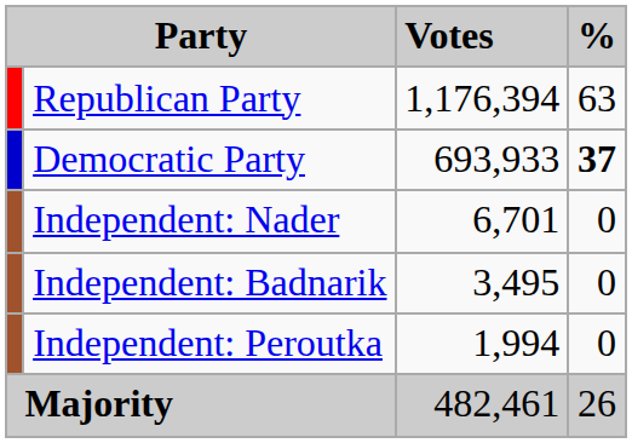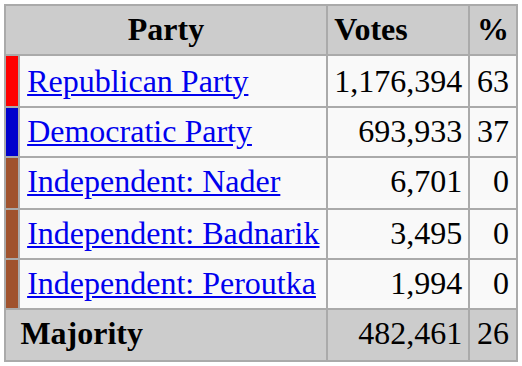 <table class="wikitable">
 <tr bgcolor="CCCCCC">
 <td colspan="2" rowspan="1" align="center" valign="top"><strong>Party</strong></td>
 <td valign="top"><strong>Votes</strong></td>
 <td valign="top"><strong>%</strong></td>
 </tr>
 <tr>
 <td style="color:inherit;background:#ff0000"></td>
 <td><a href='#'>Republican Party</a></td>
 <td align="right">1,176,394</td>
 <td align="right">63</td>
 </tr>
 <tr>
 <td style="color:inherit;background:#0000cd"></td>
 <td><a href='#'>Democratic Party</a></td>
 <td align="right">693,933</td>
-<td align="right"><strong>37</strong></td>
+<td align="right">37</td>
 </tr>
 <tr>
 <td style="color:inherit;background:#a0522d"></td>
 <td><a href='#'>Independent: Nader</a></td>
 <td align="right">6,701</td>
 <td align="right">0</td>
 </tr>
 <tr>
 <td style="color:inherit;background:#a0522d"></td>
 <td><a href='#'>Independent: Badnarik</a></td>
 <td align="right">3,495</td>
 <td align="right">0</td>
 </tr>
 <tr>
 <td style="color:inherit;background:#a0522d"></td>
 <td><a href='#'>Independent: Peroutka</a></td>
 <td align="right">1,994</td>
 <td align="right">0</td>
 </tr>
 <tr bgcolor="CCCCCC">
 <td colspan="2" rowspan="1"> <strong>Majority</strong></td>
 <td align="right">482,461</td>
 <td align="right">26</td>
 </tr>
 </table>
